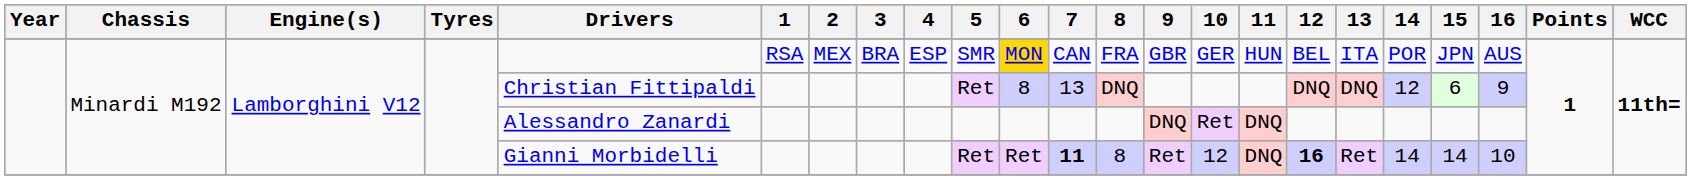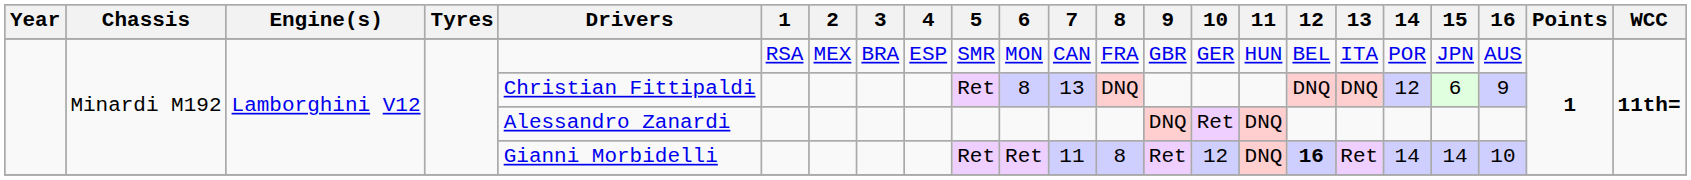 <table class="wikitable" style="text-align:center; font-size:95%">
 <tr>
 <th>Year</th>
 <th>Chassis</th>
 <th>Engine(s)</th>
 <th>Tyres</th>
 <th>Drivers</th>
 <th>1</th>
 <th>2</th>
 <th>3</th>
 <th>4</th>
 <th>5</th>
 <th>6</th>
 <th>7</th>
 <th>8</th>
 <th>9</th>
 <th>10</th>
 <th>11</th>
 <th>12</th>
 <th>13</th>
 <th>14</th>
 <th>15</th>
 <th>16</th>
 <th>Points</th>
 <th>WCC</th>
 </tr>
 <tr>
 </tr>
 <tr>
 <td rowspan="4"></td>
 <td rowspan="4">Minardi M192</td>
 <td rowspan="4"><a href='#'>Lamborghini</a> <a href='#'>V12</a></td>
 <td rowspan="4"></td>
 <td></td>
 <td><a href='#'>RSA</a></td>
 <td><a href='#'>MEX</a></td>
 <td><a href='#'>BRA</a></td>
 <td><a href='#'>ESP</a></td>
 <td><a href='#'>SMR</a></td>
-<td style="background: gold;"><a href='#'>MON</a></td>
+<td><a href='#'>MON</a></td>
 <td><a href='#'>CAN</a></td>
 <td><a href='#'>FRA</a></td>
 <td><a href='#'>GBR</a></td>
 <td><a href='#'>GER</a></td>
 <td><a href='#'>HUN</a></td>
 <td><a href='#'>BEL</a></td>
 <td><a href='#'>ITA</a></td>
 <td><a href='#'>POR</a></td>
 <td><a href='#'>JPN</a></td>
 <td><a href='#'>AUS</a></td>
 <td rowspan="4"><strong>1</strong></td>
 <td rowspan="4"><strong>11th=</strong></td>
 </tr>
 <tr>
 <td align="left"><a href='#'>Christian Fittipaldi</a></td>
 <td></td>
 <td></td>
 <td></td>
 <td></td>
 <td style="background:#efcfff;">Ret</td>
 <td style="background:#cfcfff;">8</td>
 <td style="background:#cfcfff;">13</td>
 <td style="background:#ffcfcf;">DNQ</td>
 <td></td>
 <td></td>
 <td></td>
 <td style="background:#ffcfcf;">DNQ</td>
 <td style="background:#ffcfcf;">DNQ</td>
 <td style="background:#cfcfff;">12</td>
 <td style="background:#dfffdf;">6</td>
 <td style="background:#cfcfff;">9</td>
 </tr>
 <tr>
 <td align="left"><a href='#'>Alessandro Zanardi</a></td>
 <td></td>
 <td></td>
 <td></td>
 <td></td>
 <td></td>
 <td></td>
 <td></td>
 <td></td>
 <td style="background:#ffcfcf;">DNQ</td>
 <td style="background:#efcfff;">Ret</td>
 <td style="background:#ffcfcf;">DNQ</td>
 <td></td>
 <td></td>
 <td></td>
 <td></td>
 <td></td>
 </tr>
 <tr>
 <td align="left"><a href='#'>Gianni Morbidelli</a></td>
 <td></td>
 <td></td>
 <td></td>
 <td></td>
 <td style="background:#efcfff;">Ret</td>
 <td style="background:#efcfff;">Ret</td>
-<td style="background:#cfcfff;"><strong>11</strong></td>
+<td style="background:#cfcfff;">11</td>
 <td style="background:#cfcfff;">8</td>
 <td style="background:#efcfff;">Ret</td>
 <td style="background:#cfcfff;">12</td>
 <td style="background:#ffcfcf;">DNQ</td>
 <td style="background:#cfcfff;"><strong>16</strong></td>
 <td style="background:#efcfff;">Ret</td>
 <td style="background:#cfcfff;">14</td>
 <td style="background:#cfcfff;">14</td>
 <td style="background:#cfcfff;">10</td>
 </tr>
 <tr>
 </tr>
 </table>
